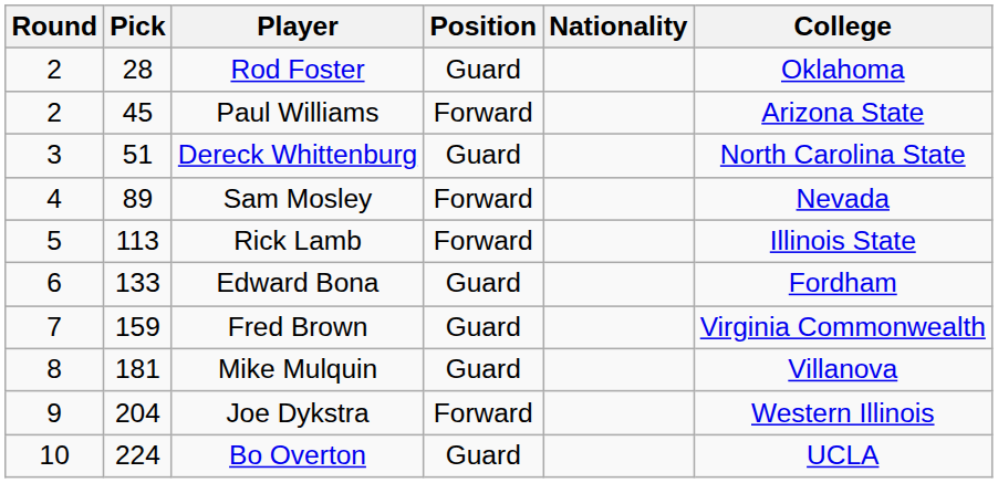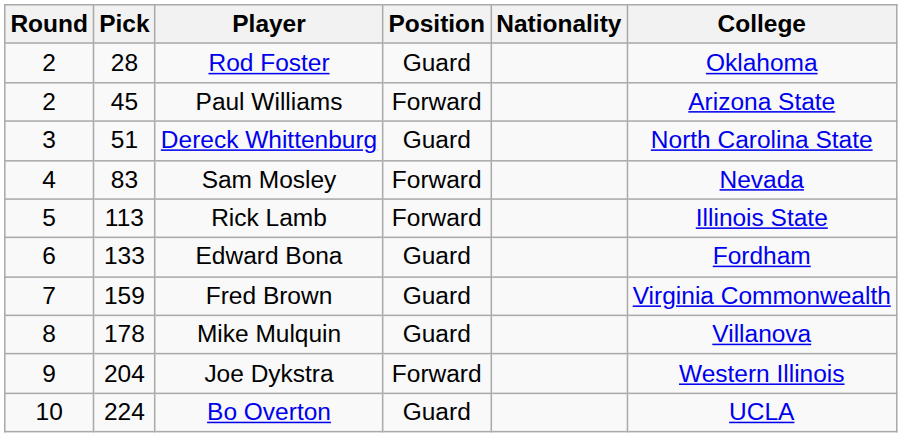 <table class="wikitable sortable sortable">
 <tr>
 <th>Round</th>
 <th>Pick</th>
 <th>Player</th>
 <th>Position</th>
 <th>Nationality</th>
 <th>College</th>
 </tr>
 <tr style="text-align: center">
 <td>2</td>
 <td>28</td>
 <td><a href='#'>Rod Foster</a></td>
 <td>Guard</td>
 <td></td>
 <td><a href='#'>Oklahoma</a></td>
 </tr>
 <tr style="text-align: center">
 <td>2</td>
 <td>45</td>
 <td>Paul Williams</td>
 <td>Forward</td>
 <td></td>
 <td><a href='#'>Arizona State</a></td>
 </tr>
 <tr style="text-align: center">
 <td>3</td>
 <td>51</td>
 <td><a href='#'>Dereck Whittenburg</a></td>
 <td>Guard</td>
 <td></td>
 <td><a href='#'>North Carolina State</a></td>
 </tr>
 <tr style="text-align: center">
 <td>4</td>
-<td>89</td>
+<td>83</td>
 <td>Sam Mosley</td>
 <td>Forward</td>
 <td></td>
 <td><a href='#'>Nevada</a></td>
 </tr>
 <tr style="text-align: center">
 <td>5</td>
 <td>113</td>
 <td>Rick Lamb</td>
 <td>Forward</td>
 <td></td>
 <td><a href='#'>Illinois State</a></td>
 </tr>
 <tr style="text-align: center">
 <td>6</td>
 <td>133</td>
 <td>Edward Bona</td>
 <td>Guard</td>
 <td></td>
 <td><a href='#'>Fordham</a></td>
 </tr>
 <tr style="text-align: center">
 <td>7</td>
 <td>159</td>
 <td>Fred Brown</td>
 <td>Guard</td>
 <td></td>
 <td><a href='#'>Virginia Commonwealth</a></td>
 </tr>
 <tr style="text-align: center">
 <td>8</td>
-<td>181</td>
+<td>178</td>
 <td>Mike Mulquin</td>
 <td>Guard</td>
 <td></td>
 <td><a href='#'>Villanova</a></td>
 </tr>
 <tr style="text-align: center">
 <td>9</td>
 <td>204</td>
 <td>Joe Dykstra</td>
 <td>Forward</td>
 <td></td>
 <td><a href='#'>Western Illinois</a></td>
 </tr>
 <tr style="text-align: center">
 <td>10</td>
 <td>224</td>
 <td><a href='#'>Bo Overton</a></td>
 <td>Guard</td>
 <td></td>
 <td><a href='#'>UCLA</a></td>
 </tr>
 </table>
